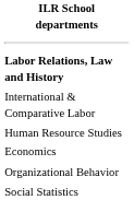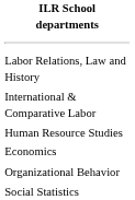 <table class="toccolours" style="float: right; margin-left: 1em; font-size: 90%; line-height: 1.4em;" width="160px">
 <tr>
 <th colspan="2" style="text-align: center;"><strong>ILR School</strong><br><strong>departments</strong></th>
 </tr>
 <tr>
 <td colspan="2"><hr></td>
 </tr>
 <tr>
-<td><strong>Labor Relations, Law and History</strong></td>
+<td>Labor Relations, Law and History</td>
 </tr>
 <tr>
 <td>International & Comparative Labor</td>
 </tr>
 <tr>
 <td>Human Resource Studies</td>
 </tr>
 <tr>
 <td>Economics</td>
 </tr>
 <tr>
 <td>Organizational Behavior</td>
 </tr>
 <tr>
 <td>Social Statistics</td>
 </tr>
 <tr>
 </tr>
 </table>
